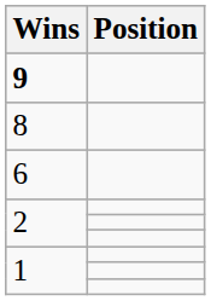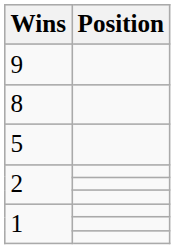 <table class="wikitable">
 <tr>
 <th>Wins</th>
 <th>Position</th>
 </tr>
 <tr>
-<td><strong>9</strong></td>
+<td>9</td>
 <td></td>
 </tr>
 <tr>
 <td>8</td>
 <td></td>
 </tr>
 <tr>
-<td>6</td>
+<td>5</td>
 <td></td>
 </tr>
 <tr>
 <td rowspan=3>2</td>
 <td></td>
 </tr>
 <tr>
 <td></td>
 </tr>
 <tr>
 <td></td>
 </tr>
 <tr>
 <td rowspan=3>1</td>
 <td></td>
 </tr>
 <tr>
 <td></td>
 </tr>
 <tr>
 <td></td>
 </tr>
 </table>
